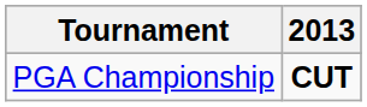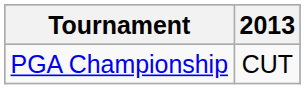 <table class="wikitable" style="font-size:95%;text-align:center;">
 <tr>
 <th>Tournament</th>
 <th>2013</th>
 </tr>
 <tr>
 <td align=left><a href='#'>PGA Championship</a></td>
-<td><strong>CUT</strong></td>
+<td>CUT</td>
 </tr>
 </table>
